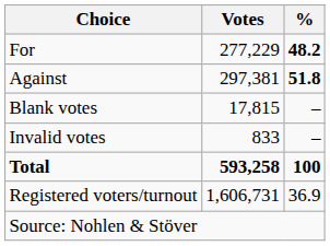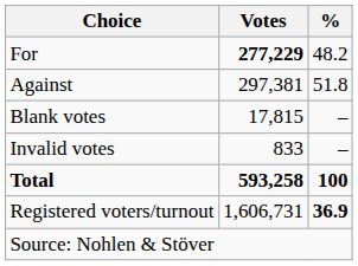 <table class=wikitable style=text-align:right>
 <tr>
 <th>Choice</th>
 <th>Votes</th>
 <th>%</th>
 </tr>
 <tr>
 <td align=left>For</td>
-<td>277,229</td>
-<td><strong>48.2</strong></td>
+<td><strong>277,229</strong></td>
+<td>48.2</td>
 </tr>
 <tr>
 <td align=left>Against</td>
 <td>297,381</td>
-<td><strong>51.8</strong></td>
+<td>51.8</td>
 </tr>
 <tr>
 <td align=left>Blank votes</td>
 <td>17,815</td>
 <td>–</td>
 </tr>
 <tr>
 <td align=left>Invalid votes</td>
 <td>833</td>
 <td>–</td>
 </tr>
 <tr>
 <td align=left><strong>Total</strong></td>
 <td><strong>593,258</strong></td>
 <td><strong>100</strong></td>
 </tr>
 <tr>
 <td align=left>Registered voters/turnout</td>
 <td>1,606,731</td>
-<td>36.9</td>
+<td><strong>36.9</strong></td>
 </tr>
 <tr>
 <td align=left colspan=3>Source: Nohlen & Stöver</td>
 </tr>
 </table>
